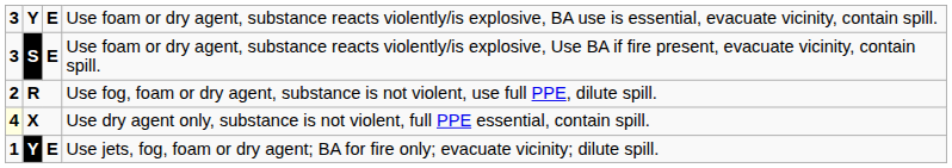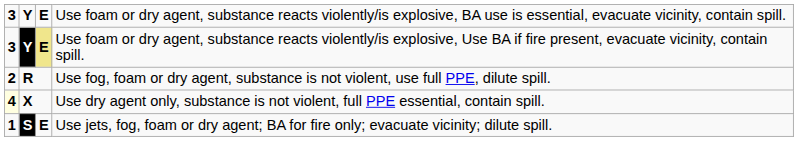 <table class="wikitable" border="1">
 <tr>
 <td><strong>3</strong></td>
 <td align="center"><strong>Y</strong></td>
 <td><strong>E</strong></td>
 <td>Use foam or dry agent, substance reacts violently/is explosive, BA use is essential, evacuate vicinity, contain spill.</td>
 </tr>
 <tr>
 <td><strong>3</strong></td>
-<td align="center" style="background: #000000; color: #FFFFFF;"><strong>S</strong></td>
-<td><strong>E</strong></td>
+<td align="center" style="background: #000000; color: #FFFFFF;"><strong>Y</strong></td>
+<td style="background: khaki;"><strong>E</strong></td>
 <td>Use foam or dry agent, substance reacts violently/is explosive, Use BA if fire present, evacuate vicinity, contain spill.</td>
 </tr>
 <tr>
 <td><strong>2</strong></td>
 <td colspan="2"><strong>R</strong></td>
 <td>Use fog, foam or dry agent, substance is not violent, use full <a href='#'>PPE</a>, dilute spill.</td>
 </tr>
 <tr>
 <td style="background: lightyellow;"><strong>4</strong></td>
 <td colspan="2"><strong>X</strong></td>
 <td>Use dry agent only, substance is not violent, full <a href='#'>PPE</a> essential, contain spill.</td>
 </tr>
 <tr>
 <td><strong>1</strong></td>
-<td align="center" style="background: #000000; color: #FFFFFF;"><strong>Y</strong></td>
+<td align="center" style="background: #000000; color: #FFFFFF;"><strong>S</strong></td>
 <td><strong>E</strong></td>
 <td>Use jets, fog, foam or dry agent; BA for fire only; evacuate vicinity; dilute spill.</td>
 </tr>
 </table>
